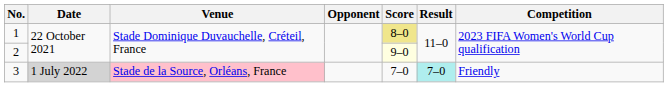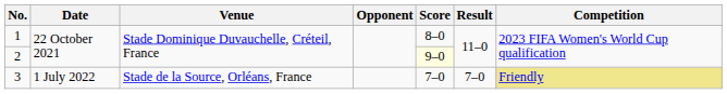 <table class="wikitable sortable">
 <tr>
 <th scope="col">No.</th>
 <th scope="col">Date</th>
 <th scope="col">Venue</th>
 <th scope="col">Opponent</th>
 <th scope="col">Score</th>
 <th scope="col">Result</th>
 <th scope="col">Competition</th>
 </tr>
 <tr>
 <td align="center">1</td>
 <td rowspan="2">22 October 2021</td>
 <td rowspan="2"><a href='#'>Stade Dominique Duvauchelle</a>, <a href='#'>Créteil</a>, France</td>
 <td rowspan="2"></td>
-<td align="center" style="background: khaki;">8–0</td>
+<td align="center">8–0</td>
 <td rowspan="2" style="text-align:center">11–0</td>
 <td rowspan="2"><a href='#'>2023 FIFA Women's World Cup qualification</a></td>
 </tr>
 <tr>
 <td align="center">2</td>
 <td align="center" style="background: lightyellow;">9–0</td>
 </tr>
 <tr>
 <td align="center">3</td>
-<td style="background: lightgrey;">1 July 2022</td>
-<td style="background: pink;"><a href='#'>Stade de la Source</a>, <a href='#'>Orléans</a>, France</td>
+<td>1 July 2022</td>
+<td><a href='#'>Stade de la Source</a>, <a href='#'>Orléans</a>, France</td>
 <td></td>
 <td align=center>7–0</td>
-<td align=center style="background: paleturquoise;">7–0</td>
-<td><a href='#'>Friendly</a></td>
+<td align=center>7–0</td>
+<td style="background: khaki;"><a href='#'>Friendly</a></td>
 </tr>
 </table>
